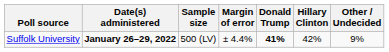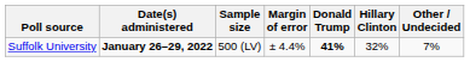 <table class="wikitable sortable mw-datatable" style="font-size:90%;text-align:center;line-height:17px">
 <tr valign=bottom>
 <th>Poll source</th>
 <th>Date(s)<br>administered</th>
 <th>Sample<br>size</th>
 <th>Margin<br>of error</th>
 <th class="unsortable">Donald<br>Trump<br></th>
 <th class="unsortable">Hillary<br>Clinton<br></th>
 <th class="unsortable">Other /<br>Undecided</th>
 </tr>
 <tr>
 <td style="text-align:left;"><a href='#'>Suffolk University</a></td>
 <td data-sort-value=2022-01-29><strong>January 26–29, 2022</strong></td>
 <td>500 (LV)</td>
 <td>± 4.4%</td>
 <td style="background-color:"><strong>41%</strong></td>
-<td>42%</td>
-<td>9%</td>
+<td>32%</td>
+<td>7%</td>
 </tr>
 </table>
